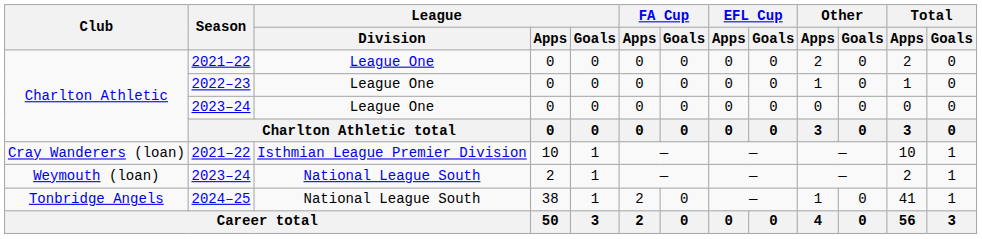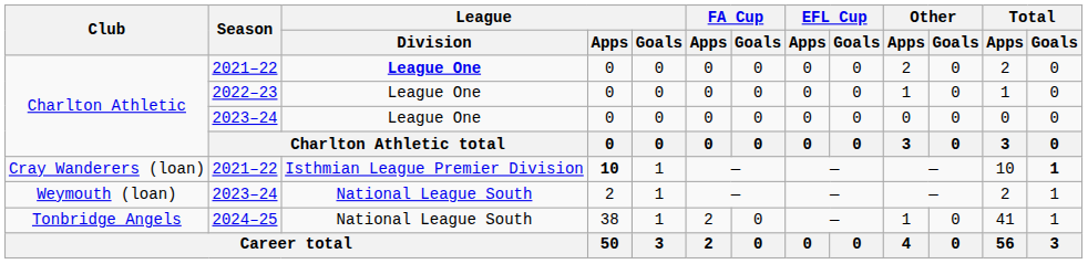 <table class=wikitable style=text-align:center>
 <tr>
 <th rowspan=2>Club</th>
 <th rowspan=2>Season</th>
 <th colspan=3>League</th>
 <th colspan=2><a href='#'>FA Cup</a></th>
 <th colspan=2><a href='#'>EFL Cup</a></th>
 <th colspan=2>Other</th>
 <th colspan=2>Total</th>
 </tr>
 <tr>
 <th>Division</th>
 <th>Apps</th>
 <th>Goals</th>
 <th>Apps</th>
 <th>Goals</th>
 <th>Apps</th>
 <th>Goals</th>
 <th>Apps</th>
 <th>Goals</th>
 <th>Apps</th>
 <th>Goals</th>
 </tr>
 <tr>
 <td rowspan="4"><a href='#'>Charlton Athletic</a></td>
 <td><a href='#'>2021–22</a></td>
-<td><a href='#'>League One</a></td>
+<td><strong><a href='#'>League One</a></strong></td>
 <td>0</td>
 <td>0</td>
 <td>0</td>
 <td>0</td>
 <td>0</td>
 <td>0</td>
 <td>2</td>
 <td>0</td>
 <td>2</td>
 <td>0</td>
 </tr>
 <tr>
 <td><a href='#'>2022–23</a></td>
 <td>League One</td>
 <td>0</td>
 <td>0</td>
 <td>0</td>
 <td>0</td>
 <td>0</td>
 <td>0</td>
 <td>1</td>
 <td>0</td>
 <td>1</td>
 <td>0</td>
 </tr>
 <tr>
 <td><a href='#'>2023–24</a></td>
 <td>League One</td>
 <td>0</td>
 <td>0</td>
 <td>0</td>
 <td>0</td>
 <td>0</td>
 <td>0</td>
 <td>0</td>
 <td>0</td>
 <td>0</td>
 <td>0</td>
 </tr>
 <tr>
 <th colspan="2">Charlton Athletic total</th>
 <th>0</th>
 <th>0</th>
 <th>0</th>
 <th>0</th>
 <th>0</th>
 <th>0</th>
 <th>3</th>
 <th>0</th>
 <th>3</th>
 <th>0</th>
 </tr>
 <tr>
 <td><a href='#'>Cray Wanderers</a> (loan)</td>
 <td><a href='#'>2021–22</a></td>
 <td><a href='#'>Isthmian League Premier Division</a></td>
-<td>10</td>
+<td><strong>10</strong></td>
 <td>1</td>
 <td colspan="2">—</td>
 <td colspan="2">—</td>
 <td colspan="2">—</td>
 <td>10</td>
-<td>1</td>
+<td><strong>1</strong></td>
 </tr>
 <tr>
 <td><a href='#'>Weymouth</a> (loan)</td>
 <td><a href='#'>2023–24</a></td>
 <td><a href='#'>National League South</a></td>
 <td>2</td>
 <td>1</td>
 <td colspan="2">—</td>
 <td colspan="2">—</td>
 <td colspan="2">—</td>
 <td>2</td>
 <td>1</td>
 </tr>
 <tr>
 <td><a href='#'>Tonbridge Angels</a></td>
 <td><a href='#'>2024–25</a></td>
 <td>National League South</td>
 <td>38</td>
 <td>1</td>
 <td>2</td>
 <td>0</td>
 <td colspan="2">—</td>
 <td>1</td>
 <td>0</td>
 <td>41</td>
 <td>1</td>
 </tr>
 <tr>
 <th colspan=3>Career total</th>
 <th>50</th>
 <th>3</th>
 <th>2</th>
 <th>0</th>
 <th>0</th>
 <th>0</th>
 <th>4</th>
 <th>0</th>
 <th>56</th>
 <th>3</th>
 </tr>
 </table>
